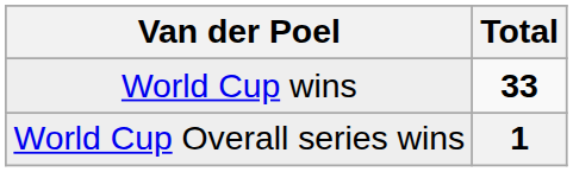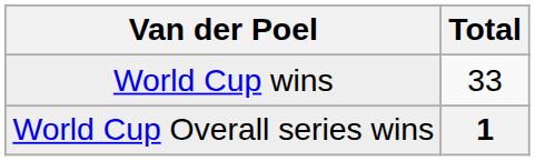 <table class="wikitable plainrowheaders">
 <tr>
 <th scope="col">Van der Poel</th>
 <th scope="col">Total</th>
 </tr>
 <tr style="text-align:center;">
 <td style="background:#eeeeee"><a href='#'>World Cup</a> wins</td>
-<td><strong>33</strong></td>
+<td>33</td>
 </tr>
 <tr style="text-align:center;">
 <td style="background:#eeeeee"><a href='#'>World Cup</a> Overall series wins</td>
 <th>1</th>
 </tr>
 </table>
